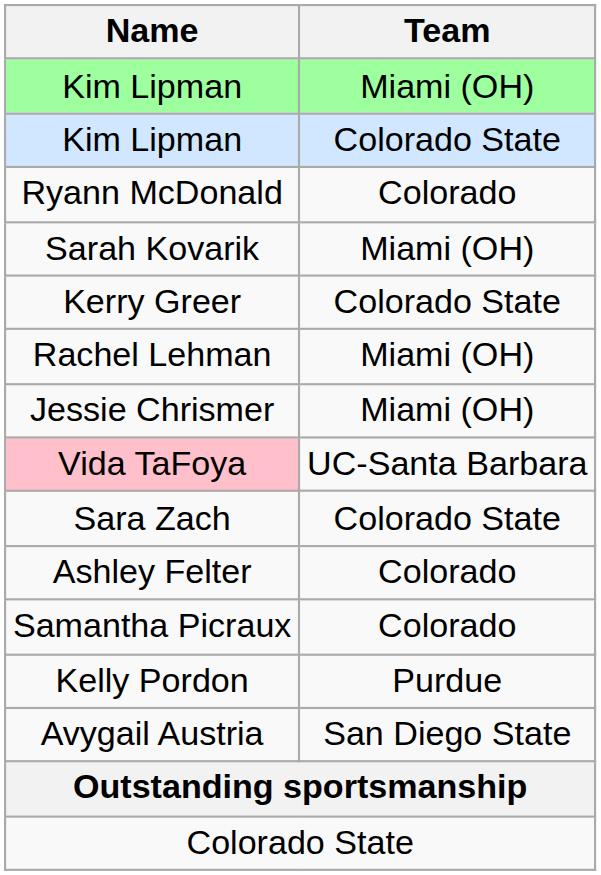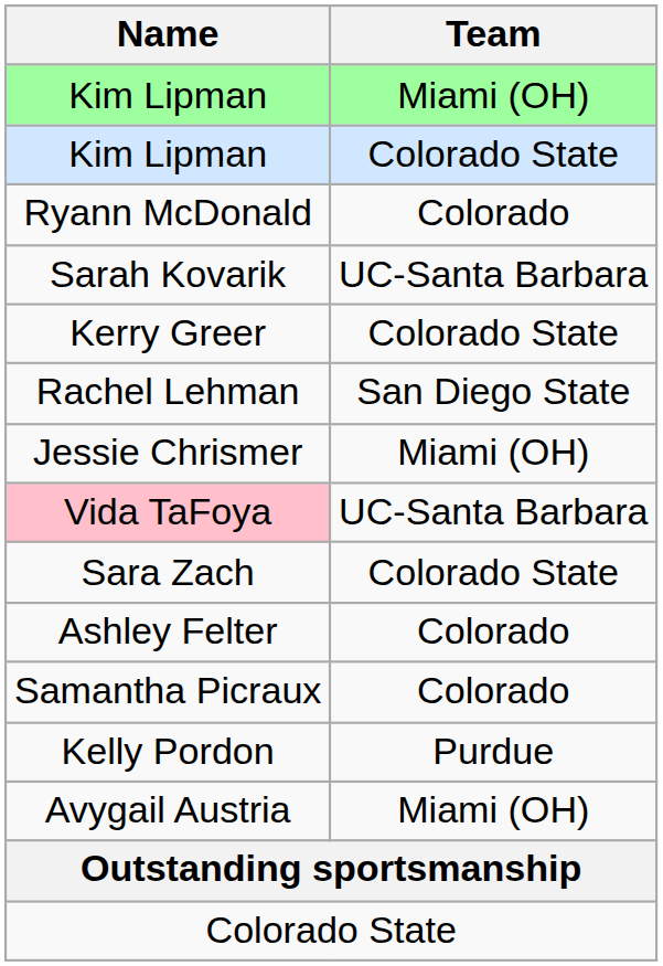 <table class="wikitable" style="text-align:center">
 <tr>
 <th>Name</th>
 <th>Team</th>
 </tr>
 <tr bgcolor="#9eff9e">
 <td>Kim Lipman</td>
 <td>Miami (OH)</td>
 </tr>
 <tr bgcolor="#d0e7ff">
 <td>Kim Lipman</td>
 <td>Colorado State</td>
 </tr>
 <tr>
 <td>Ryann McDonald</td>
 <td>Colorado</td>
 </tr>
 <tr>
 <td>Sarah Kovarik</td>
-<td>Miami (OH)</td>
+<td>UC-Santa Barbara</td>
 </tr>
 <tr>
 <td>Kerry Greer</td>
 <td>Colorado State</td>
 </tr>
 <tr>
 <td>Rachel Lehman</td>
-<td>Miami (OH)</td>
+<td>San Diego State</td>
 </tr>
 <tr>
 <td>Jessie Chrismer</td>
 <td>Miami (OH)</td>
 </tr>
 <tr>
 <td style="background: pink;">Vida TaFoya</td>
 <td>UC-Santa Barbara</td>
 </tr>
 <tr>
 <td>Sara Zach</td>
 <td>Colorado State</td>
 </tr>
 <tr>
 <td>Ashley Felter</td>
 <td>Colorado</td>
 </tr>
 <tr>
 <td>Samantha Picraux</td>
 <td>Colorado</td>
 </tr>
 <tr>
 <td>Kelly Pordon</td>
 <td>Purdue</td>
 </tr>
 <tr>
 <td>Avygail Austria</td>
-<td>San Diego State</td>
+<td>Miami (OH)</td>
 </tr>
 <tr>
 <th colspan="2">Outstanding sportsmanship</th>
 </tr>
 <tr>
 <td colspan="2">Colorado State</td>
 </tr>
 </table>
